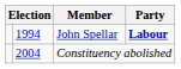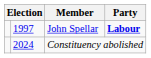 <table class="wikitable">
 <tr>
 <th colspan="2">Election</th>
 <th>Member</th>
 <th>Party</th>
 </tr>
 <tr>
 <td style="color:inherit;background-color: "></td>
-<td><a href='#'>1994</a></td>
+<td><a href='#'>1997</a></td>
 <td><a href='#'>John Spellar</a></td>
 <td><strong><a href='#'>Labour</a></strong></td>
 </tr>
 <tr>
 <td></td>
-<td><a href='#'>2004</a></td>
+<td><a href='#'>2024</a></td>
 <td colspan="2"><em>Constituency abolished</em></td>
 </tr>
 </table>
